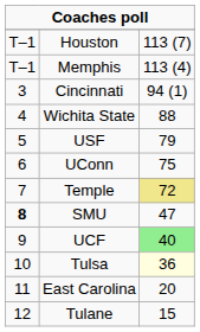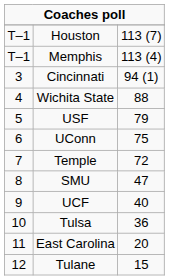 <table class="wikitable">
 <tr align="center">
 <td align="center" Colspan="3"><strong>Coaches poll</strong></td>
 </tr>
 <tr align="center">
 </tr>
 <tr align="center">
 <td>T–1</td>
 <td>Houston</td>
 <td>113 (7)</td>
 </tr>
 <tr align="center">
 <td>T–1</td>
 <td>Memphis</td>
 <td>113 (4)</td>
 </tr>
 <tr align="center">
 <td>3</td>
 <td>Cincinnati</td>
 <td>94 (1)</td>
 </tr>
 <tr align="center">
 <td>4</td>
 <td>Wichita State</td>
 <td>88</td>
 </tr>
 <tr align="center">
 <td>5</td>
 <td>USF</td>
 <td>79</td>
 </tr>
 <tr align="center">
 <td>6</td>
 <td>UConn</td>
 <td>75</td>
 </tr>
 <tr align="center">
 <td>7</td>
 <td>Temple</td>
-<td style="background: khaki;">72</td>
+<td>72</td>
 </tr>
 <tr align="center">
-<td><strong>8</strong></td>
+<td>8</td>
 <td>SMU</td>
 <td>47</td>
 </tr>
 <tr align="center">
 <td>9</td>
 <td>UCF</td>
-<td style="background: lightgreen;">40</td>
+<td>40</td>
 </tr>
 <tr align="center">
 <td>10</td>
 <td>Tulsa</td>
-<td style="background: lightyellow;">36</td>
+<td>36</td>
 </tr>
 <tr align="center">
 <td>11</td>
 <td>East Carolina</td>
 <td>20</td>
 </tr>
 <tr align="center">
 <td>12</td>
 <td>Tulane</td>
 <td>15</td>
 </tr>
 </table>
